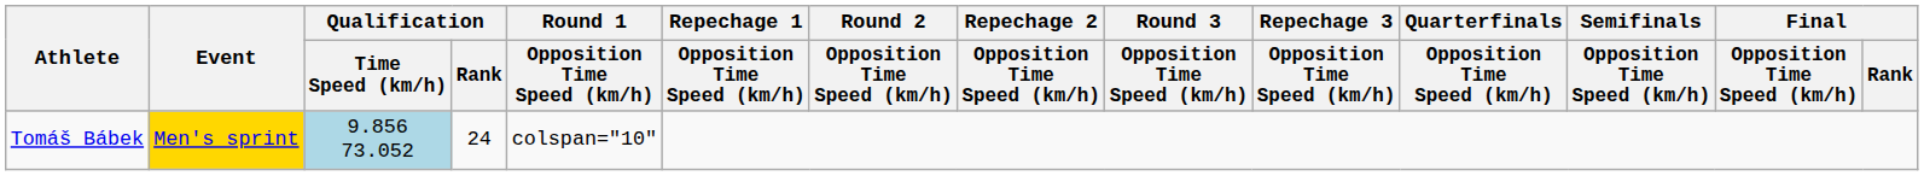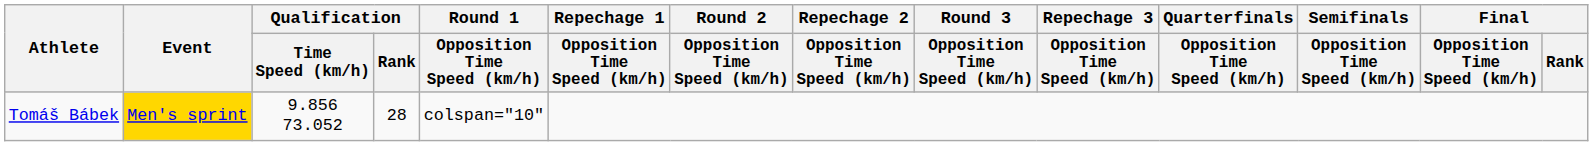 <table class="wikitable" style="font-size:90%">
 <tr>
 <th rowspan=2>Athlete</th>
 <th rowspan=2>Event</th>
 <th colspan=2>Qualification</th>
 <th>Round 1</th>
 <th>Repechage 1</th>
 <th>Round 2</th>
 <th>Repechage 2</th>
 <th>Round 3</th>
 <th>Repechage 3</th>
 <th>Quarterfinals</th>
 <th>Semifinals</th>
 <th colspan=2>Final</th>
 </tr>
 <tr style="font-size:95%">
 <th>Time<br>Speed (km/h)</th>
 <th>Rank</th>
 <th>Opposition<br>Time<br>Speed (km/h)</th>
 <th>Opposition<br>Time<br>Speed (km/h)</th>
 <th>Opposition<br>Time<br>Speed (km/h)</th>
 <th>Opposition<br>Time<br>Speed (km/h)</th>
 <th>Opposition<br>Time<br>Speed (km/h)</th>
 <th>Opposition<br>Time<br>Speed (km/h)</th>
 <th>Opposition<br>Time<br>Speed (km/h)</th>
 <th>Opposition<br>Time<br>Speed (km/h)</th>
 <th>Opposition<br>Time<br>Speed (km/h)</th>
 <th>Rank</th>
 </tr>
 <tr align=center>
 <td align=left><a href='#'>Tomáš Bábek</a></td>
 <td align=left style="background: gold;"><a href='#'>Men's sprint</a></td>
-<td style="background: lightblue;">9.856<br>73.052</td>
-<td>24</td>
+<td>9.856<br>73.052</td>
+<td>28</td>
 <td>colspan="10" </td>
 </tr>
 </table>
